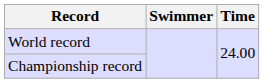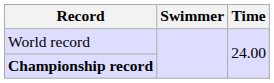 <table class="wikitable" style="text-align:left">
 <tr>
 <th>Record</th>
 <th>Swimmer</th>
 <th>Time</th>
 </tr>
 <tr bgcolor=ddddff>
 <td>World record</td>
 <td rowspan=2></td>
 <td rowspan=2>24.00</td>
 </tr>
 <tr bgcolor=ddddff>
-<td>Championship record</td>
+<td><strong>Championship record</strong></td>
 </tr>
 </table>
